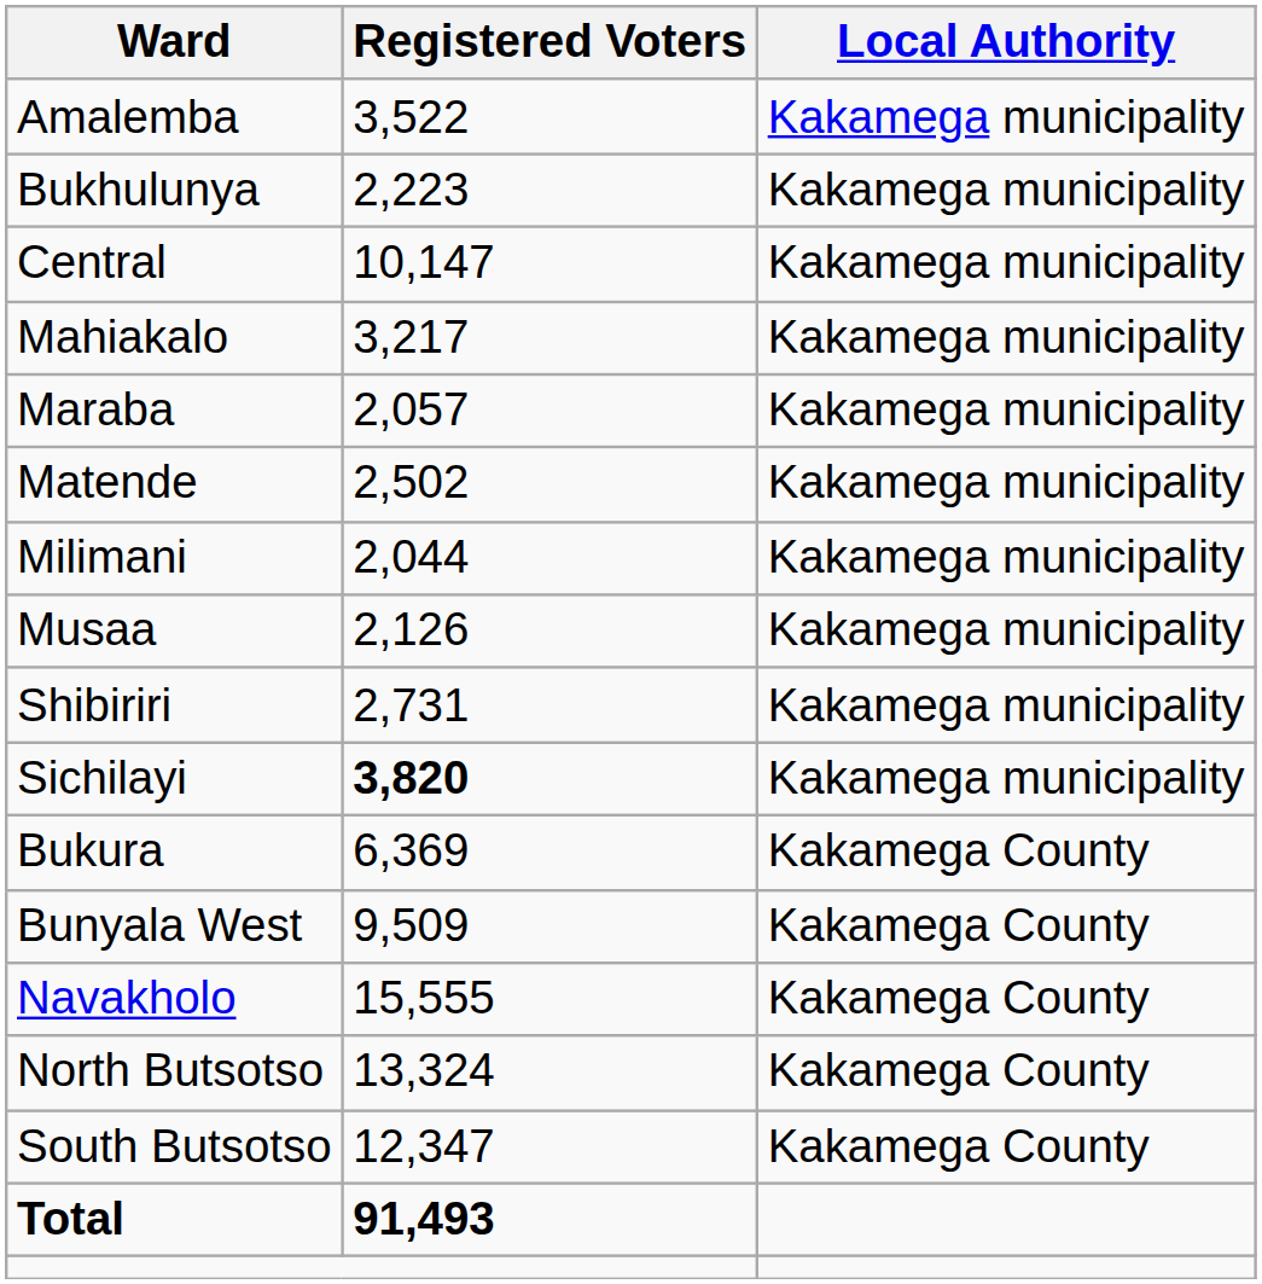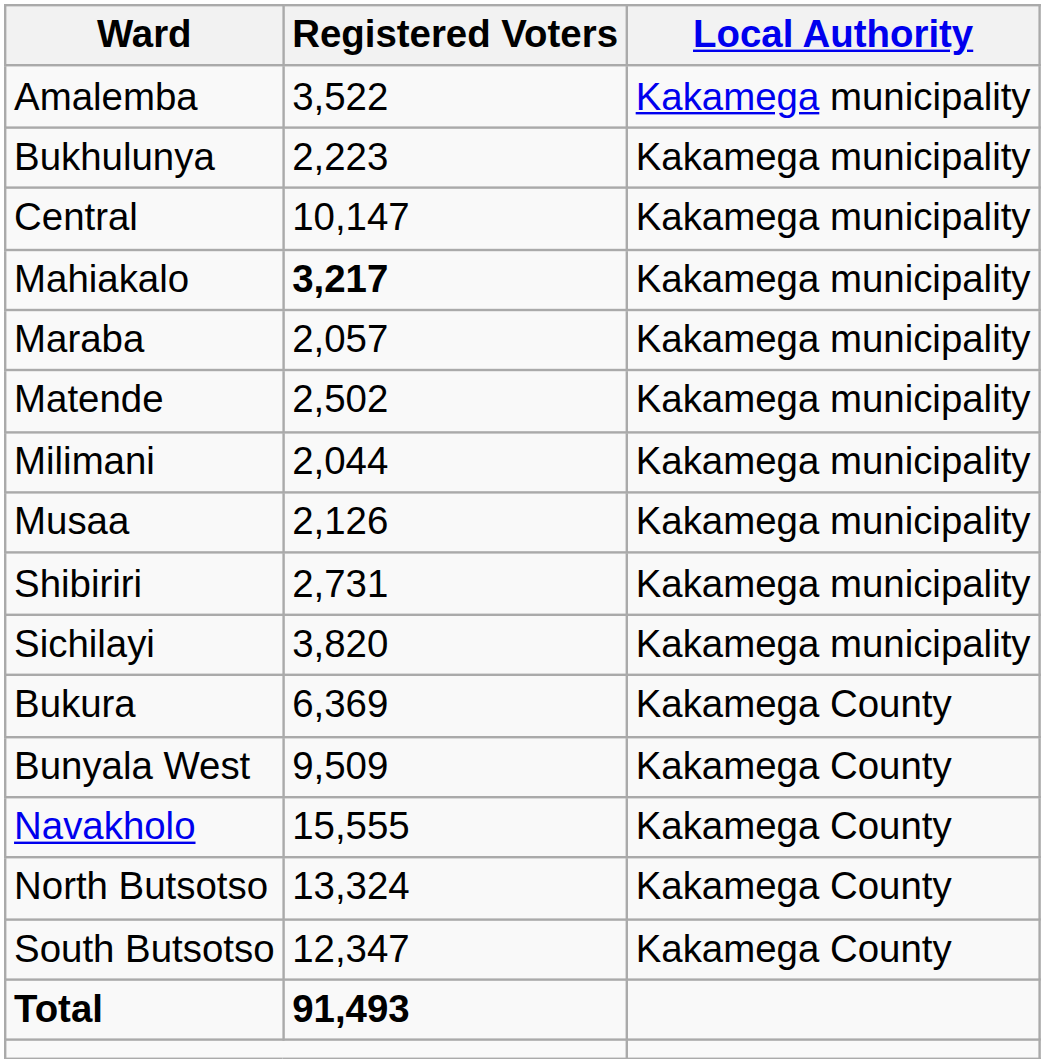 <table class="wikitable">
 <tr>
 <th>Ward</th>
 <th>Registered Voters</th>
 <th><a href='#'>Local Authority</a></th>
 </tr>
 <tr>
 <td>Amalemba</td>
 <td>3,522</td>
 <td><a href='#'>Kakamega</a> municipality</td>
 </tr>
 <tr>
 <td>Bukhulunya</td>
 <td>2,223</td>
 <td>Kakamega municipality</td>
 </tr>
 <tr>
 <td>Central</td>
 <td>10,147</td>
 <td>Kakamega municipality</td>
 </tr>
 <tr>
 <td>Mahiakalo</td>
-<td>3,217</td>
+<td><strong>3,217</strong></td>
 <td>Kakamega municipality</td>
 </tr>
 <tr>
 <td>Maraba</td>
 <td>2,057</td>
 <td>Kakamega municipality</td>
 </tr>
 <tr>
 <td>Matende</td>
 <td>2,502</td>
 <td>Kakamega municipality</td>
 </tr>
 <tr>
 <td>Milimani</td>
 <td>2,044</td>
 <td>Kakamega municipality</td>
 </tr>
 <tr>
 <td>Musaa</td>
 <td>2,126</td>
 <td>Kakamega municipality</td>
 </tr>
 <tr>
 <td>Shibiriri</td>
 <td>2,731</td>
 <td>Kakamega municipality</td>
 </tr>
 <tr>
 <td>Sichilayi</td>
-<td><strong>3,820</strong></td>
+<td>3,820</td>
 <td>Kakamega municipality</td>
 </tr>
 <tr>
 <td>Bukura</td>
 <td>6,369</td>
 <td>Kakamega County</td>
 </tr>
 <tr>
 <td>Bunyala West</td>
 <td>9,509</td>
 <td>Kakamega County</td>
 </tr>
 <tr>
 <td><a href='#'>Navakholo</a></td>
 <td>15,555</td>
 <td>Kakamega County</td>
 </tr>
 <tr>
 <td>North Butsotso</td>
 <td>13,324</td>
 <td>Kakamega County</td>
 </tr>
 <tr>
 <td>South Butsotso</td>
 <td>12,347</td>
 <td>Kakamega County</td>
 </tr>
 <tr>
 <td><strong>Total</strong></td>
 <td><strong>91,493</strong></td>
 <td></td>
 </tr>
 <tr>
 <td colspan="2"></td>
 </tr>
 </table>
